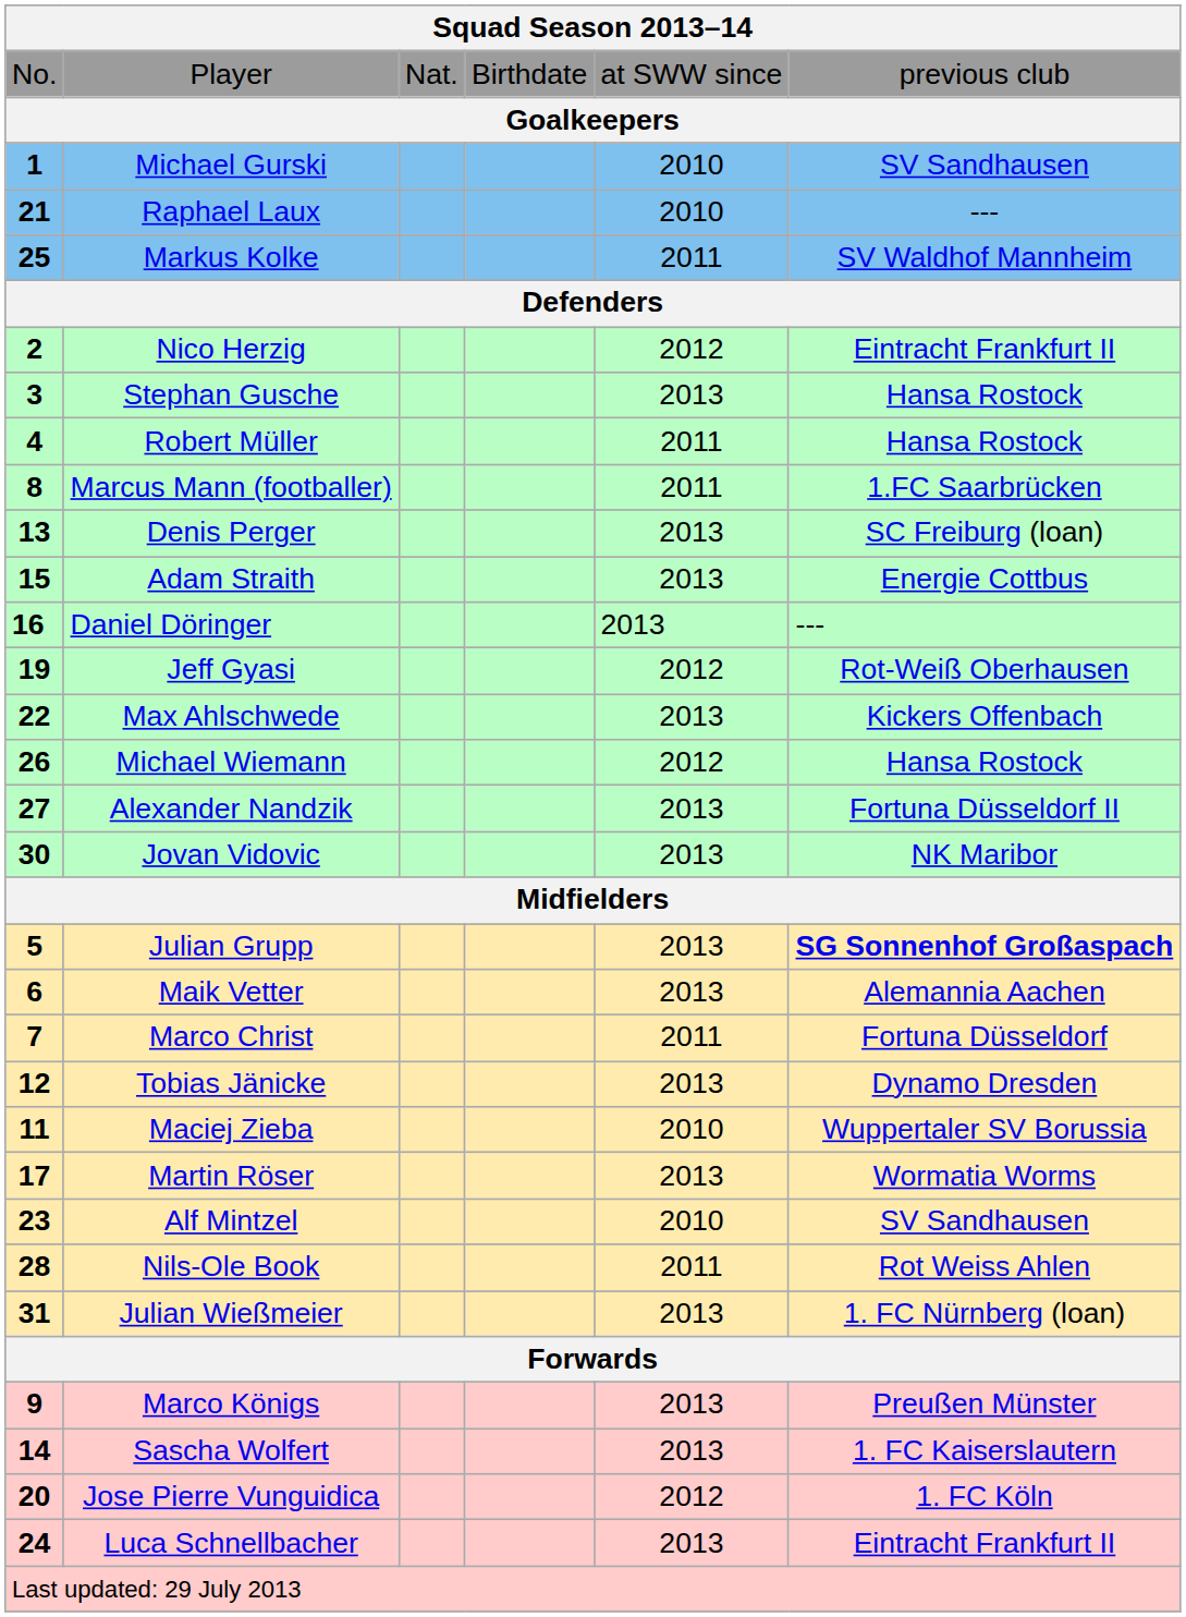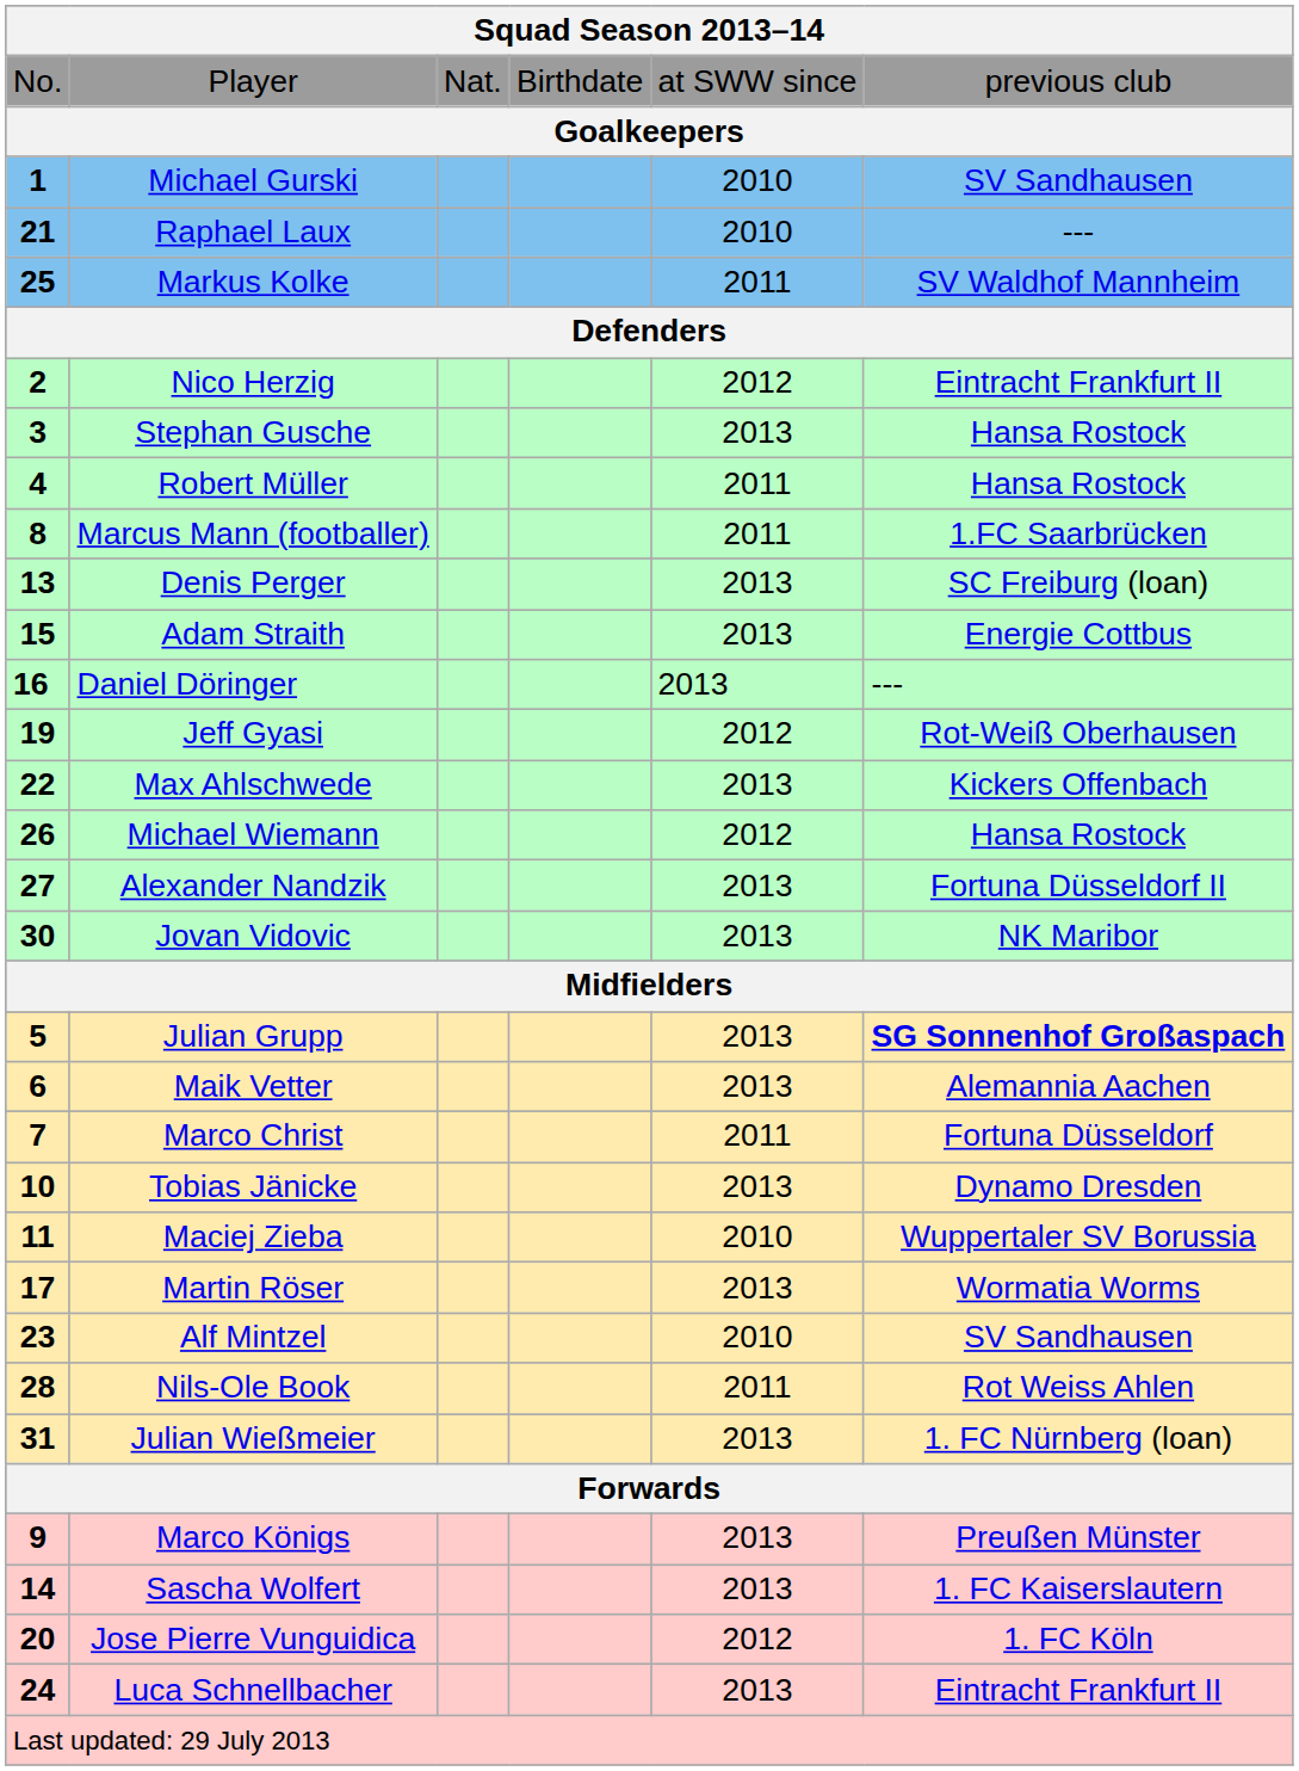 <table class="wikitable">
 <tr style="text-align:center; background:#dcdcdc;">
 <th colspan="12">Squad Season 2013–14</th>
 </tr>
 <tr style="text-align:center; background:#9c9c9c;">
 <td>No.</td>
 <td>Player</td>
 <td>Nat.</td>
 <td>Birthdate</td>
 <td>at SWW since</td>
 <td>previous club</td>
 </tr>
 <tr style="text-align:center; background:#dcdcdc;">
 <th colspan="12">Goalkeepers</th>
 </tr>
 <tr style="text-align:center; background:#7ec0ee;">
 <td><strong>1</strong></td>
 <td><a href='#'>Michael Gurski</a></td>
 <td></td>
 <td></td>
 <td>2010</td>
 <td><a href='#'>SV Sandhausen</a></td>
 </tr>
 <tr style="text-align:center; background:#7ec0ee;">
 <td><strong>21</strong></td>
 <td><a href='#'>Raphael Laux</a></td>
 <td></td>
 <td></td>
 <td>2010</td>
 <td>---</td>
 </tr>
 <tr style="text-align:center; background:#7ec0ee;">
 <td><strong>25</strong></td>
 <td><a href='#'>Markus Kolke</a></td>
 <td></td>
 <td></td>
 <td>2011</td>
 <td><a href='#'>SV Waldhof Mannheim</a></td>
 </tr>
 <tr style="text-align:center; background:#dcdcdc;">
 <th colspan="12">Defenders</th>
 </tr>
 <tr style="text-align:center; background:#b9ffc5;">
 <td><strong>2</strong></td>
 <td><a href='#'>Nico Herzig</a></td>
 <td></td>
 <td></td>
 <td>2012</td>
 <td><a href='#'>Eintracht Frankfurt II</a></td>
 </tr>
 <tr style="text-align:center; background:#b9ffc5;">
 <td><strong>3</strong></td>
 <td><a href='#'>Stephan Gusche</a></td>
 <td></td>
 <td></td>
 <td>2013</td>
 <td><a href='#'>Hansa Rostock</a></td>
 </tr>
 <tr style="text-align:center; background:#b9ffc5;">
 <td><strong>4</strong></td>
 <td><a href='#'>Robert Müller</a></td>
 <td></td>
 <td></td>
 <td>2011</td>
 <td><a href='#'>Hansa Rostock</a></td>
 </tr>
 <tr style="text-align:center; background:#b9ffc5;">
 <td><strong>8</strong></td>
 <td><a href='#'>Marcus Mann (footballer)</a></td>
 <td></td>
 <td></td>
 <td>2011</td>
 <td><a href='#'>1.FC Saarbrücken</a></td>
 </tr>
 <tr style="text-align:center; background:#b9ffc5;">
 <td><strong>13</strong></td>
 <td><a href='#'>Denis Perger</a></td>
 <td></td>
 <td></td>
 <td>2013</td>
 <td><a href='#'>SC Freiburg</a> (loan)</td>
 </tr>
 <tr style="text-align:center; background:#b9ffc5;">
 <td><strong>15</strong></td>
 <td><a href='#'>Adam Straith</a></td>
 <td></td>
 <td></td>
 <td>2013</td>
 <td><a href='#'>Energie Cottbus</a></td>
 </tr>
 <tr style="test-align:center; background:#b9ffc5;">
 <td><strong>16</strong></td>
 <td><a href='#'>Daniel Döringer</a></td>
 <td></td>
 <td></td>
 <td>2013</td>
 <td>---</td>
 </tr>
 <tr style="text-align:center; background:#b9ffc5;">
 <td><strong>19</strong></td>
 <td><a href='#'>Jeff Gyasi</a></td>
 <td></td>
 <td></td>
 <td>2012</td>
 <td><a href='#'>Rot-Weiß Oberhausen</a></td>
 </tr>
 <tr style="text-align:center; background:#b9ffc5;">
 <td><strong>22</strong></td>
 <td><a href='#'>Max Ahlschwede</a></td>
 <td></td>
 <td></td>
 <td>2013</td>
 <td><a href='#'>Kickers Offenbach</a></td>
 </tr>
 <tr style="text-align:center; background:#b9ffc5;">
 <td><strong>26</strong></td>
 <td><a href='#'>Michael Wiemann</a></td>
 <td></td>
 <td></td>
 <td>2012</td>
 <td><a href='#'>Hansa Rostock</a></td>
 </tr>
 <tr style="text-align:center; background:#b9ffc5;">
 <td><strong>27</strong></td>
 <td><a href='#'>Alexander Nandzik</a></td>
 <td></td>
 <td></td>
 <td>2013</td>
 <td><a href='#'>Fortuna Düsseldorf II</a></td>
 </tr>
 <tr style="text-align:center; background:#b9ffc5;">
 <td><strong>30</strong></td>
 <td><a href='#'>Jovan Vidovic</a></td>
 <td></td>
 <td></td>
 <td>2013</td>
 <td><a href='#'>NK Maribor</a></td>
 </tr>
 <tr style="text-align:center; background:#dcdcdc;">
 <th colspan="12">Midfielders</th>
 </tr>
 <tr style="text-align:center; background:#ffebad;">
 <td><strong>5</strong></td>
 <td><a href='#'>Julian Grupp</a></td>
 <td></td>
 <td></td>
 <td>2013</td>
 <td><strong><a href='#'>SG Sonnenhof Großaspach</a></strong></td>
 </tr>
 <tr style="text-align:center; background:#ffebad;">
 <td><strong>6</strong></td>
 <td><a href='#'>Maik Vetter</a></td>
 <td></td>
 <td></td>
 <td>2013</td>
 <td><a href='#'>Alemannia Aachen</a></td>
 </tr>
 <tr style="text-align:center; background:#ffebad;">
 <td><strong>7</strong></td>
 <td><a href='#'>Marco Christ</a></td>
 <td></td>
 <td></td>
 <td>2011</td>
 <td><a href='#'>Fortuna Düsseldorf</a></td>
 </tr>
 <tr style="text-align:center; background:#ffebad;">
-<td><strong>12</strong></td>
+<td><strong>10</strong></td>
 <td><a href='#'>Tobias Jänicke</a></td>
 <td></td>
 <td></td>
 <td>2013</td>
 <td><a href='#'>Dynamo Dresden</a></td>
 </tr>
 <tr style="text-align:center; background:#ffebad;">
 <td><strong>11</strong></td>
 <td><a href='#'>Maciej Zieba</a></td>
 <td></td>
 <td></td>
 <td>2010</td>
 <td><a href='#'>Wuppertaler SV Borussia</a></td>
 </tr>
 <tr style="text-align:center; background:#ffebad;">
 <td><strong>17</strong></td>
 <td><a href='#'>Martin Röser</a></td>
 <td></td>
 <td></td>
 <td>2013</td>
 <td><a href='#'>Wormatia Worms</a></td>
 </tr>
 <tr style="text-align:center; background:#ffebad;">
 <td><strong>23</strong></td>
 <td><a href='#'>Alf Mintzel</a></td>
 <td></td>
 <td></td>
 <td>2010</td>
 <td><a href='#'>SV Sandhausen</a></td>
 </tr>
 <tr style="text-align:center; background:#ffebad;">
 <td><strong>28</strong></td>
 <td><a href='#'>Nils-Ole Book</a></td>
 <td></td>
 <td></td>
 <td>2011</td>
 <td><a href='#'>Rot Weiss Ahlen</a></td>
 </tr>
 <tr style="text-align:center; background:#ffebad;">
 <td><strong>31</strong></td>
 <td><a href='#'>Julian Wießmeier</a></td>
 <td></td>
 <td></td>
 <td>2013</td>
 <td><a href='#'>1. FC Nürnberg</a> (loan)</td>
 </tr>
 <tr style="text-align:center; background:#dcdcdc;">
 <th colspan="12">Forwards</th>
 </tr>
 <tr style="text-align:center; background:#ffcbcb;">
 <td><strong>9</strong></td>
 <td><a href='#'>Marco Königs</a></td>
 <td></td>
 <td></td>
 <td>2013</td>
 <td><a href='#'>Preußen Münster</a></td>
 </tr>
 <tr style="text-align:center; background:#ffcbcb;">
 <td><strong>14</strong></td>
 <td><a href='#'>Sascha Wolfert</a></td>
 <td></td>
 <td></td>
 <td>2013</td>
 <td><a href='#'>1. FC Kaiserslautern</a></td>
 </tr>
 <tr style="text-align:center; background:#ffcbcb;">
 <td><strong>20</strong></td>
 <td><a href='#'>Jose Pierre Vunguidica</a></td>
 <td></td>
 <td></td>
 <td>2012</td>
 <td><a href='#'>1. FC Köln</a></td>
 </tr>
 <tr style="text-align:center; background:#ffcbcb;">
 <td><strong>24</strong></td>
 <td><a href='#'>Luca Schnellbacher</a></td>
 <td></td>
 <td></td>
 <td>2013</td>
 <td><a href='#'>Eintracht Frankfurt II</a></td>
 </tr>
 <tr style="text-align:left; background:#ffcbcb;">
 <td colspan="12"><small>Last updated: 29 July 2013</small></td>
 </tr>
 </table>
